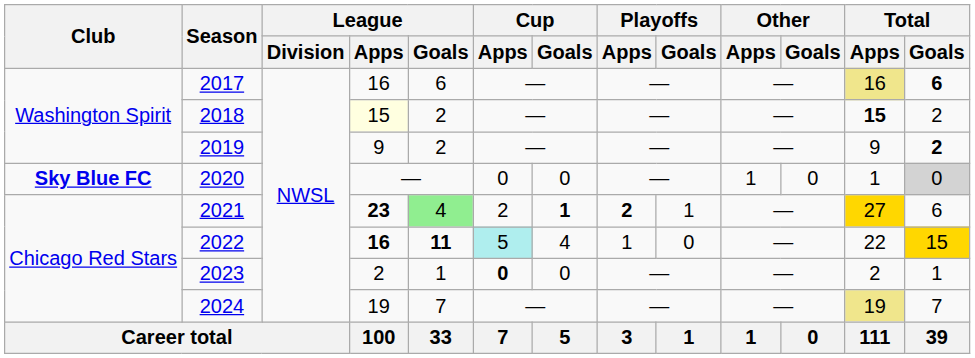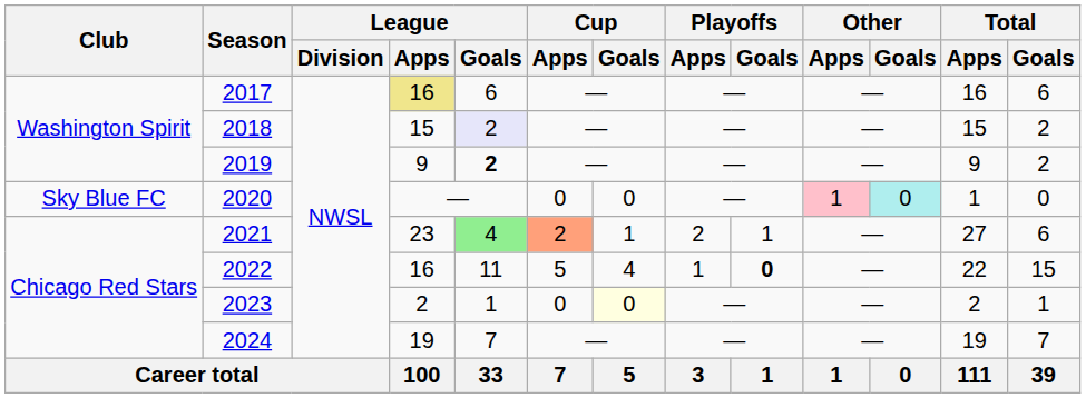 <table class="wikitable" style="text-align: center;">
 <tr>
 <th rowspan="2">Club</th>
 <th rowspan="2">Season</th>
 <th colspan="3">League</th>
 <th colspan="2">Cup</th>
 <th colspan="2">Playoffs</th>
 <th colspan="2">Other</th>
 <th colspan="2">Total</th>
 </tr>
 <tr>
 <th>Division</th>
 <th>Apps</th>
 <th>Goals</th>
 <th>Apps</th>
 <th>Goals</th>
 <th>Apps</th>
 <th>Goals</th>
 <th>Apps</th>
 <th>Goals</th>
 <th>Apps</th>
 <th>Goals</th>
 </tr>
 <tr>
 <td rowspan="3"><a href='#'>Washington Spirit</a></td>
 <td><a href='#'>2017</a></td>
 <td rowspan="8"><a href='#'>NWSL</a></td>
-<td>16</td>
+<td style="background: khaki;">16</td>
 <td>6</td>
 <td colspan="2">—</td>
 <td colspan="2">—</td>
 <td colspan="2">—</td>
-<td style="background: khaki;">16</td>
-<td><strong>6</strong></td>
+<td>16</td>
+<td>6</td>
 </tr>
 <tr>
 <td><a href='#'>2018</a></td>
-<td style="background: lightyellow;">15</td>
-<td>2</td>
+<td>15</td>
+<td style="background: lavender;">2</td>
 <td colspan="2">—</td>
 <td colspan="2">—</td>
 <td colspan="2">—</td>
-<td><strong>15</strong></td>
+<td>15</td>
 <td>2</td>
 </tr>
 <tr>
 <td><a href='#'>2019</a></td>
 <td>9</td>
-<td>2</td>
+<td><strong>2</strong></td>
 <td colspan="2">—</td>
 <td colspan="2">—</td>
 <td colspan="2">—</td>
 <td>9</td>
-<td><strong>2</strong></td>
+<td>2</td>
 </tr>
 <tr>
-<td><strong><a href='#'>Sky Blue FC</a></strong></td>
+<td><a href='#'>Sky Blue FC</a></td>
 <td><a href='#'>2020</a></td>
 <td colspan="2">—</td>
 <td>0</td>
 <td>0</td>
 <td colspan="2">—</td>
+<td style="background: pink;">1</td>
+<td style="background: paleturquoise;">0</td>
 <td>1</td>
 <td>0</td>
-<td>1</td>
-<td style="background: lightgrey;">0</td>
 </tr>
 <tr>
 <td rowspan="4"><a href='#'>Chicago Red Stars</a></td>
 <td><a href='#'>2021</a></td>
-<td><strong>23</strong></td>
+<td>23</td>
 <td style="background: lightgreen;">4</td>
+<td style="background: lightsalmon;">2</td>
+<td>1</td>
 <td>2</td>
-<td><strong>1</strong></td>
-<td><strong>2</strong></td>
 <td>1</td>
 <td colspan="2">—</td>
-<td style="background: gold;">27</td>
+<td>27</td>
 <td>6</td>
 </tr>
 <tr>
 <td><a href='#'>2022</a></td>
-<td><strong>16</strong></td>
-<td><strong>11</strong></td>
-<td style="background: paleturquoise;">5</td>
+<td>16</td>
+<td>11</td>
+<td>5</td>
 <td>4</td>
 <td>1</td>
-<td>0</td>
+<td><strong>0</strong></td>
 <td colspan="2">—</td>
 <td>22</td>
-<td style="background: gold;">15</td>
+<td>15</td>
 </tr>
 <tr>
 <td><a href='#'>2023</a></td>
 <td>2</td>
 <td>1</td>
-<td><strong>0</strong></td>
 <td>0</td>
+<td style="background: lightyellow;">0</td>
 <td colspan="2">—</td>
 <td colspan="2">—</td>
 <td>2</td>
 <td>1</td>
 </tr>
 <tr>
 <td><a href='#'>2024</a></td>
 <td>19</td>
 <td>7</td>
 <td colspan="2">—</td>
 <td colspan="2">—</td>
 <td colspan="2">—</td>
-<td style="background: khaki;">19</td>
+<td>19</td>
 <td>7</td>
 </tr>
 <tr>
 <th colspan="3">Career total</th>
 <th>100</th>
 <th>33</th>
 <th>7</th>
 <th>5</th>
 <th>3</th>
 <th>1</th>
 <th>1</th>
 <th>0</th>
 <th>111</th>
 <th>39</th>
 </tr>
 </table>
